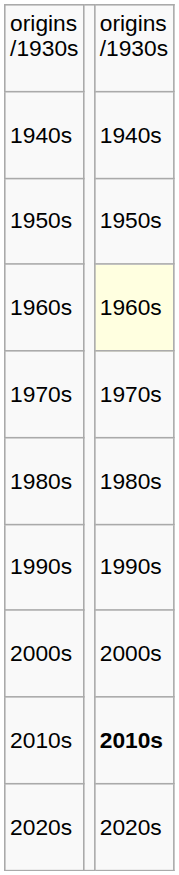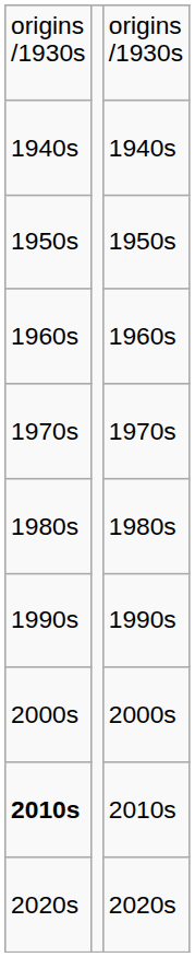 <table class="wikitable" style="font-size:90%;">
 <tr style="height:11%;" height="11%">
 <td>origins<br>/1930s<br> </td>
 <td rowspan="10"><br>                               </td>
 <td>origins<br>/1930s<br> </td>
 </tr>
 <tr style="height:10%;" height="10%">
 <td><br>1940s<br> </td>
 <td><br>1940s<br> </td>
 </tr>
 <tr style="height:10%;" height="10%">
 <td><br>1950s<br> </td>
 <td><br>1950s<br> </td>
 </tr>
 <tr style="height:10%;" height="10%">
 <td><br>1960s<br> </td>
-<td style="background: lightyellow;"><br>1960s<br> </td>
+<td><br>1960s<br> </td>
 </tr>
 <tr style="height:10%;" height="10%">
 <td><br>1970s<br> </td>
 <td><br>1970s<br> </td>
 </tr>
 <tr style="height:10%;" height="10%">
 <td><br>1980s<br> </td>
 <td><br>1980s<br> </td>
 </tr>
 <tr style="height:10%;" height="10%">
 <td><br>1990s<br> </td>
 <td><br>1990s<br> </td>
 </tr>
 <tr style="height:10%;" height="10%">
 <td><br>2000s<br> </td>
 <td><br>2000s<br> </td>
 </tr>
 <tr style="height:10%;" height="10%">
+<td><strong><br>2010s<br> </strong></td>
 <td><br>2010s<br> </td>
-<td><strong><br>2010s<br> </strong></td>
 </tr>
 <tr style="height:10%;" height="10%">
 <td><br>2020s<br> </td>
 <td><br>2020s<br> </td>
 </tr>
 </table>
